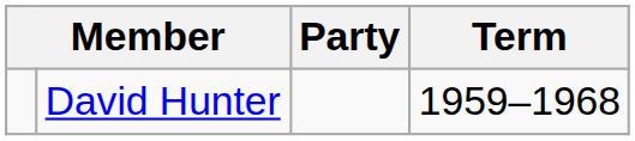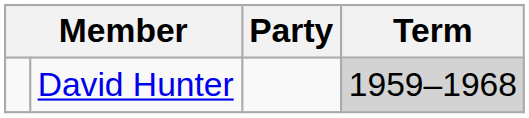 <table class="wikitable">
 <tr>
 <th colspan="2">Member</th>
 <th>Party</th>
 <th>Term</th>
 </tr>
 <tr>
 <td> </td>
 <td><a href='#'>David Hunter</a></td>
 <td></td>
-<td>1959–1968</td>
+<td style="background: lightgrey;">1959–1968</td>
 </tr>
 </table>
